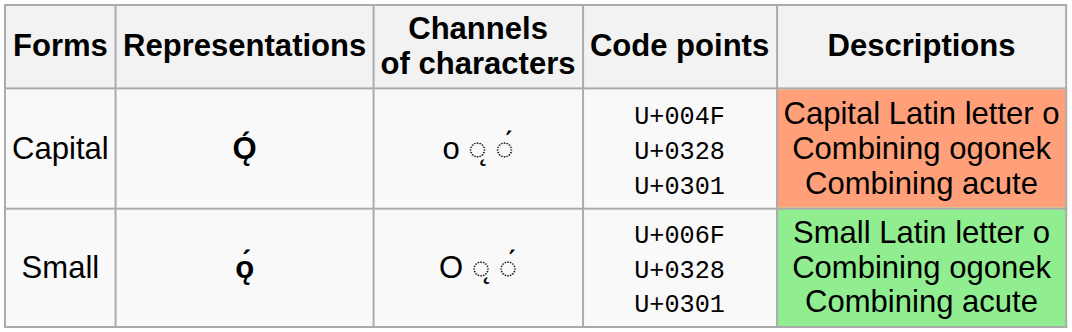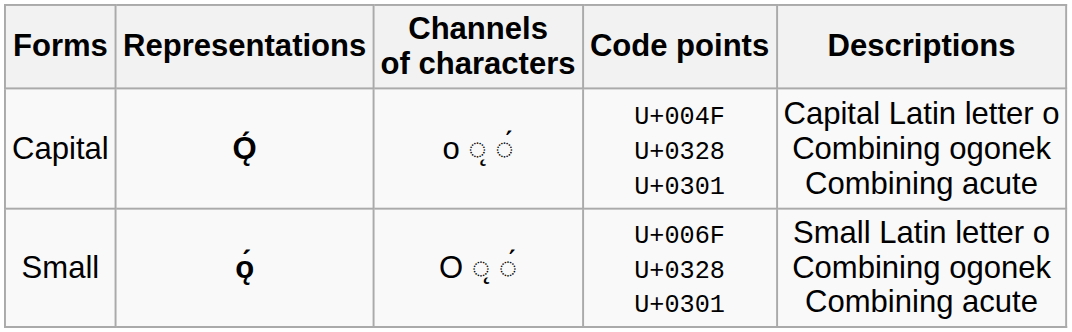 <table class="wikitable" style="text-align: center">
 <tr>
 <th>Forms</th>
 <th>Representations</th>
 <th>Channels<br>of characters</th>
 <th>Code points</th>
 <th>Descriptions</th>
 </tr>
 <tr>
 <td>Capital</td>
 <td><strong>Ǫ́</strong></td>
 <td>o ◌̨ ◌́</td>
 <td><code>U+004F<br>U+0328<br>U+0301</code></td>
-<td style="background: lightsalmon;">Capital Latin letter o<br>Combining ogonek<br>Combining acute</td>
+<td>Capital Latin letter o<br>Combining ogonek<br>Combining acute</td>
 </tr>
 <tr>
 <td>Small</td>
 <td><strong>ǫ́</strong></td>
 <td>O ◌̨ ◌́</td>
 <td><code>U+006F<br>U+0328<br>U+0301</code></td>
-<td style="background: lightgreen;">Small Latin letter o<br>Combining ogonek<br>Combining acute</td>
+<td>Small Latin letter o<br>Combining ogonek<br>Combining acute</td>
 </tr>
 <tr>
 </tr>
 </table>
